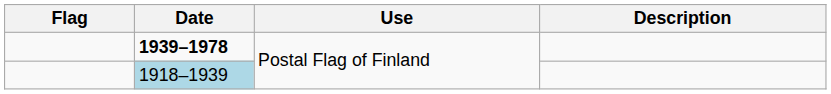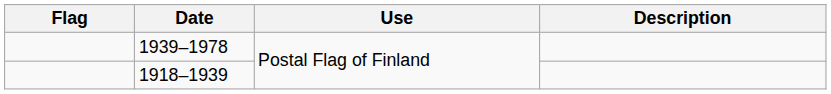 <table class="wikitable">
 <tr>
 <th style="width:110px;">Flag</th>
 <th style="width:100px;">Date</th>
 <th style="width:250px;">Use</th>
 <th style="width:250px;">Description</th>
 </tr>
 <tr>
 <td></td>
-<td><strong>1939–1978</strong></td>
+<td>1939–1978</td>
 <td rowspan="2">Postal Flag of Finland</td>
 <td></td>
 </tr>
 <tr>
 <td></td>
-<td style="background: lightblue;">1918–1939</td>
+<td>1918–1939</td>
 <td></td>
 </tr>
 </table>
